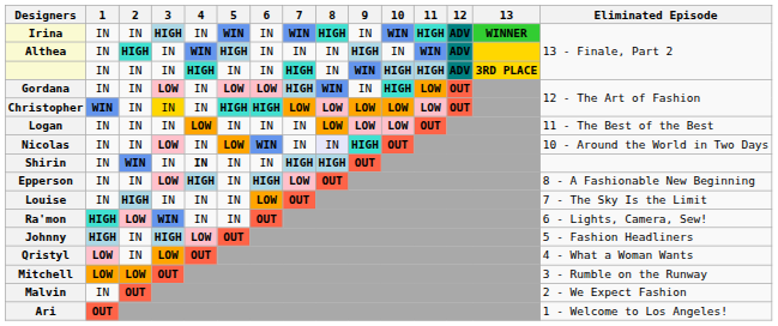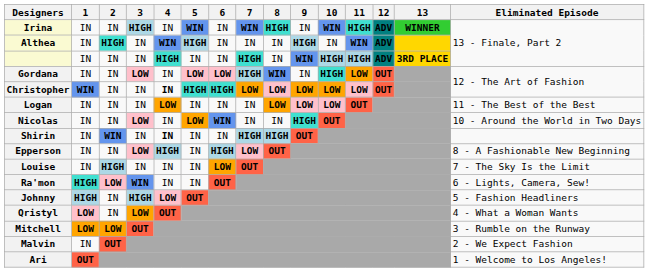 <table class="wikitable" style="text-align:center">
 <tr>
 <th>Designers</th>
 <th>1</th>
 <th>2</th>
 <th>3</th>
 <th>4</th>
 <th>5</th>
 <th>6</th>
 <th>7</th>
 <th>8</th>
 <th>9</th>
 <th>10</th>
 <th>11</th>
 <th>12</th>
 <th>13</th>
 <th>Eliminated Episode</th>
 </tr>
 <tr>
 <th style="background:#FAFAD2;">Irina</th>
 <td>IN</td>
 <td>IN</td>
 <td style="background:lightblue;"><strong>HIGH</strong></td>
 <td>IN</td>
 <td style="background:cornflowerblue;"><strong>WIN</strong></td>
 <td>IN</td>
 <td style="background:cornflowerblue;"><strong>WIN</strong></td>
 <td style="background:turquoise;"><strong>HIGH</strong></td>
 <td>IN</td>
 <td style="background:cornflowerblue;"><strong>WIN</strong></td>
 <td style="background:turquoise;"><strong>HIGH</strong></td>
 <td style="background:teal;"><strong>ADV</strong></td>
 <td style="background:limegreen;"><strong>WINNER</strong></td>
 <td style="text-align:left" rowspan="3">13 - Finale, Part 2</td>
 </tr>
 <tr>
 <th style="background:#FAFAD2;">Althea</th>
 <td>IN</td>
 <td style="background:turquoise;"><strong>HIGH</strong></td>
 <td>IN</td>
 <td style="background:cornflowerblue;"><strong>WIN</strong></td>
 <td style="background:lightblue;"><strong>HIGH</strong></td>
 <td>IN</td>
 <td>IN</td>
 <td>IN</td>
 <td style="background:lightblue;"><strong>HIGH</strong></td>
 <td>IN</td>
 <td style="background:cornflowerblue;"><strong>WIN</strong></td>
 <td style="background:teal;"><strong>ADV</strong></td>
 <td style="background:gold;"><strong></strong></td>
 </tr>
 <tr>
 <th style="background:#FAFAD2;"></th>
 <td>IN</td>
 <td>IN</td>
 <td>IN</td>
 <td style="background:turquoise;"><strong>HIGH</strong></td>
 <td>IN</td>
 <td>IN</td>
 <td style="background:turquoise;"><strong>HIGH</strong></td>
 <td>IN</td>
 <td style="background:cornflowerblue;"><strong>WIN</strong></td>
 <td style="background:lightblue"><strong>HIGH</strong></td>
 <td style="background:lightblue;"><strong>HIGH</strong></td>
 <td style="background:teal;"><strong>ADV</strong></td>
 <td style="background:gold;"><strong>3RD PLACE</strong></td>
 </tr>
 <tr>
 <th>Gordana</th>
 <td>IN</td>
 <td>IN</td>
 <td style="background:pink;"><strong>LOW</strong></td>
 <td>IN</td>
 <td style="background:pink;"><strong>LOW</strong></td>
 <td style="background:pink;"><strong>LOW</strong></td>
 <td style="background:lightblue;"><strong>HIGH</strong></td>
 <td style="background:cornflowerblue;"><strong>WIN</strong></td>
 <td>IN</td>
 <td style="background:turquoise;"><strong>HIGH</strong></td>
 <td style="background:orange;"><strong>LOW</strong></td>
 <td style="background:tomato;"><strong>OUT</strong></td>
 <td style="background:darkgray;" colspan="1"></td>
 <td style="text-align:left" rowspan="2">12 - The Art of Fashion</td>
 </tr>
 <tr>
 <th>Christopher</th>
 <td style="background:cornflowerblue;"><strong>WIN</strong></td>
 <td>IN</td>
-<td style="background: gold;">IN</td>
 <td>IN</td>
+<td><strong>IN</strong></td>
 <td style="background:turquoise;"><strong>HIGH</strong></td>
 <td style="background:turquoise;"><strong>HIGH</strong></td>
 <td style="background:orange;"><strong>LOW</strong></td>
 <td style="background:pink;"><strong>LOW</strong></td>
 <td style="background:orange;"><strong>LOW</strong></td>
 <td style="background:orange;"><strong>LOW</strong></td>
 <td style="background:pink;"><strong>LOW</strong></td>
 <td style="background:tomato;"><strong>OUT</strong></td>
 <td style="background:darkgray;" colspan="1"></td>
 </tr>
 <tr>
 <th>Logan</th>
 <td>IN</td>
 <td>IN</td>
 <td>IN</td>
 <td style="background:orange;"><strong>LOW</strong></td>
 <td>IN</td>
 <td>IN</td>
 <td>IN</td>
 <td style="background:orange;"><strong>LOW</strong></td>
 <td style="background:pink;"><strong>LOW</strong></td>
 <td style="background:pink;"><strong>LOW</strong></td>
 <td style="background:tomato;"><strong>OUT</strong></td>
 <td style="background:darkgray;" colspan="2"></td>
 <td style="text-align:left">11 - The Best of the Best</td>
 </tr>
 <tr>
 <th>Nicolas</th>
 <td>IN</td>
 <td>IN</td>
 <td style="background:pink;"><strong>LOW</strong></td>
 <td>IN</td>
 <td style="background:orange;"><strong>LOW</strong></td>
 <td style="background:cornflowerblue;"><strong>WIN</strong></td>
 <td>IN</td>
-<td style="background: lavender;">IN</td>
+<td>IN</td>
 <td style="background:turquoise;"><strong>HIGH</strong></td>
 <td style="background:tomato;"><strong>OUT</strong></td>
 <td style="background:darkgray;" colspan="3"></td>
 <td style="text-align:left">10 - Around the World in Two Days</td>
 </tr>
 <tr>
 <th>Shirin</th>
 <td>IN</td>
 <td style="background:cornflowerblue;"><strong>WIN</strong></td>
 <td>IN</td>
 <td><strong>IN</strong></td>
 <td>IN</td>
 <td>IN</td>
 <td style="background:lightblue;"><strong>HIGH</strong></td>
 <td style="background:lightblue;"><strong>HIGH</strong></td>
 <td style="background:tomato;"><strong>OUT</strong></td>
 <td style="background:darkgray;" colspan="4"></td>
 <td style="text-align:left"></td>
 </tr>
 <tr>
 <th>Epperson</th>
 <td>IN</td>
 <td>IN</td>
 <td style="background:pink;"><strong>LOW</strong></td>
 <td style="background:lightblue;"><strong>HIGH</strong></td>
 <td>IN</td>
 <td style="background:lightblue;"><strong>HIGH</strong></td>
 <td style="background:pink;"><strong>LOW</strong></td>
 <td style="background:tomato;"><strong>OUT</strong></td>
 <td style="background:darkgray;" colspan="5"></td>
 <td style="text-align:left">8 - A Fashionable New Beginning</td>
 </tr>
 <tr>
 <th>Louise</th>
 <td>IN</td>
 <td style="background:lightblue;"><strong>HIGH</strong></td>
 <td>IN</td>
 <td>IN</td>
 <td>IN</td>
 <td style="background:orange;"><strong>LOW</strong></td>
 <td style="background:tomato;"><strong>OUT</strong></td>
 <td style="background:darkgray;" colspan="6"></td>
 <td style="text-align:left">7 - The Sky Is the Limit</td>
 </tr>
 <tr>
 <th>Ra'mon</th>
 <td style="background:turquoise;"><strong>HIGH</strong></td>
 <td style="background:pink;"><strong>LOW</strong></td>
 <td style="background:cornflowerblue;"><strong>WIN</strong></td>
 <td>IN</td>
 <td>IN</td>
 <td style="background:tomato;"><strong>OUT</strong></td>
 <td style="background:darkgray;" colspan="7"></td>
 <td style="text-align:left">6 - Lights, Camera, Sew!</td>
 </tr>
 <tr>
 <th>Johnny</th>
 <td style="background:lightblue;"><strong>HIGH</strong></td>
 <td>IN</td>
 <td style="background:lightblue;"><strong>HIGH</strong></td>
 <td style="background:pink;"><strong>LOW</strong></td>
 <td style="background:tomato;"><strong>OUT</strong></td>
 <td style="background:darkgray;" colspan="8"></td>
 <td style="text-align:left">5 - Fashion Headliners</td>
 </tr>
 <tr>
 <th>Qristyl</th>
 <td style="background:pink;"><strong>LOW</strong></td>
 <td>IN</td>
 <td style="background:orange;"><strong>LOW</strong></td>
 <td style="background:tomato;"><strong>OUT</strong></td>
 <td style="background:darkgray;" colspan="9"></td>
 <td style="text-align:left">4 - What a Woman Wants</td>
 </tr>
 <tr>
 <th>Mitchell</th>
 <td style="background:orange;"><strong>LOW</strong></td>
 <td style="background:orange;"><strong>LOW</strong></td>
 <td style="background:tomato;"><strong>OUT</strong></td>
 <td style="background:darkgray;" colspan="10"></td>
 <td style="text-align:left">3 - Rumble on the Runway</td>
 </tr>
 <tr>
 <th>Malvin</th>
 <td>IN</td>
 <td style="background:tomato;"><strong>OUT</strong></td>
 <td style="background:darkgray;" colspan="11"></td>
 <td style="text-align:left">2 - We Expect Fashion</td>
 </tr>
 <tr>
 <th>Ari</th>
 <td style="background:tomato;"><strong>OUT</strong></td>
 <td style="background:darkgray;" colspan="12"></td>
 <td style="text-align:left">1 - Welcome to Los Angeles!</td>
 </tr>
 </table>
